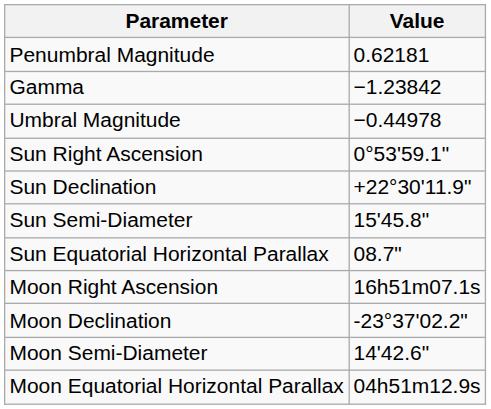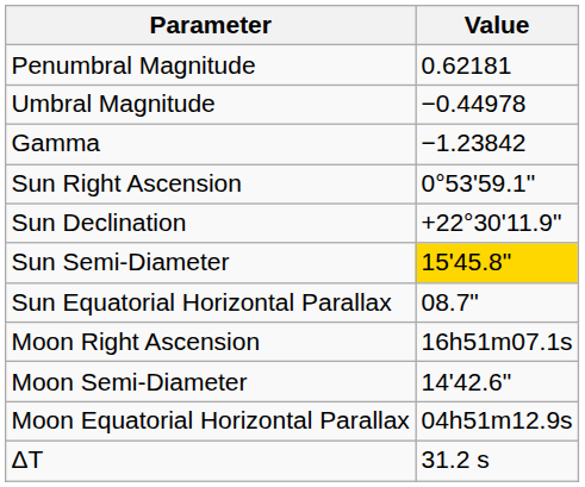 <table class="wikitable">
 <tr>
 <th>Parameter</th>
 <th>Value</th>
 </tr>
 <tr>
 <td>Penumbral Magnitude</td>
 <td>0.62181</td>
 </tr>
 <tr>
+<td>Umbral Magnitude</td>
+<td>−0.44978</td>
+</tr>
+<tr>
 <td>Gamma</td>
 <td>−1.23842</td>
-</tr>
-<tr>
-<td>Umbral Magnitude</td>
-<td>−0.44978</td>
 </tr>
 <tr>
 <td>Sun Right Ascension</td>
 <td>0°53'59.1"</td>
 </tr>
 <tr>
 <td>Sun Declination</td>
 <td>+22°30'11.9"</td>
 </tr>
 <tr>
 <td>Sun Semi-Diameter</td>
-<td>15'45.8"</td>
+<td style="background: gold;">15'45.8"</td>
 </tr>
 <tr>
 <td>Sun Equatorial Horizontal Parallax</td>
 <td>08.7"</td>
 </tr>
 <tr>
 <td>Moon Right Ascension</td>
 <td>16h51m07.1s</td>
 </tr>
 <tr>
-<td>Moon Declination</td>
-<td>-23°37'02.2"</td>
-</tr>
-<tr>
 <td>Moon Semi-Diameter</td>
 <td>14'42.6"</td>
 </tr>
 <tr>
 <td>Moon Equatorial Horizontal Parallax</td>
 <td>04h51m12.9s</td>
 </tr>
+<tr>
+<td>ΔT</td>
+<td>31.2 s</td>
+</tr>
 </table>
